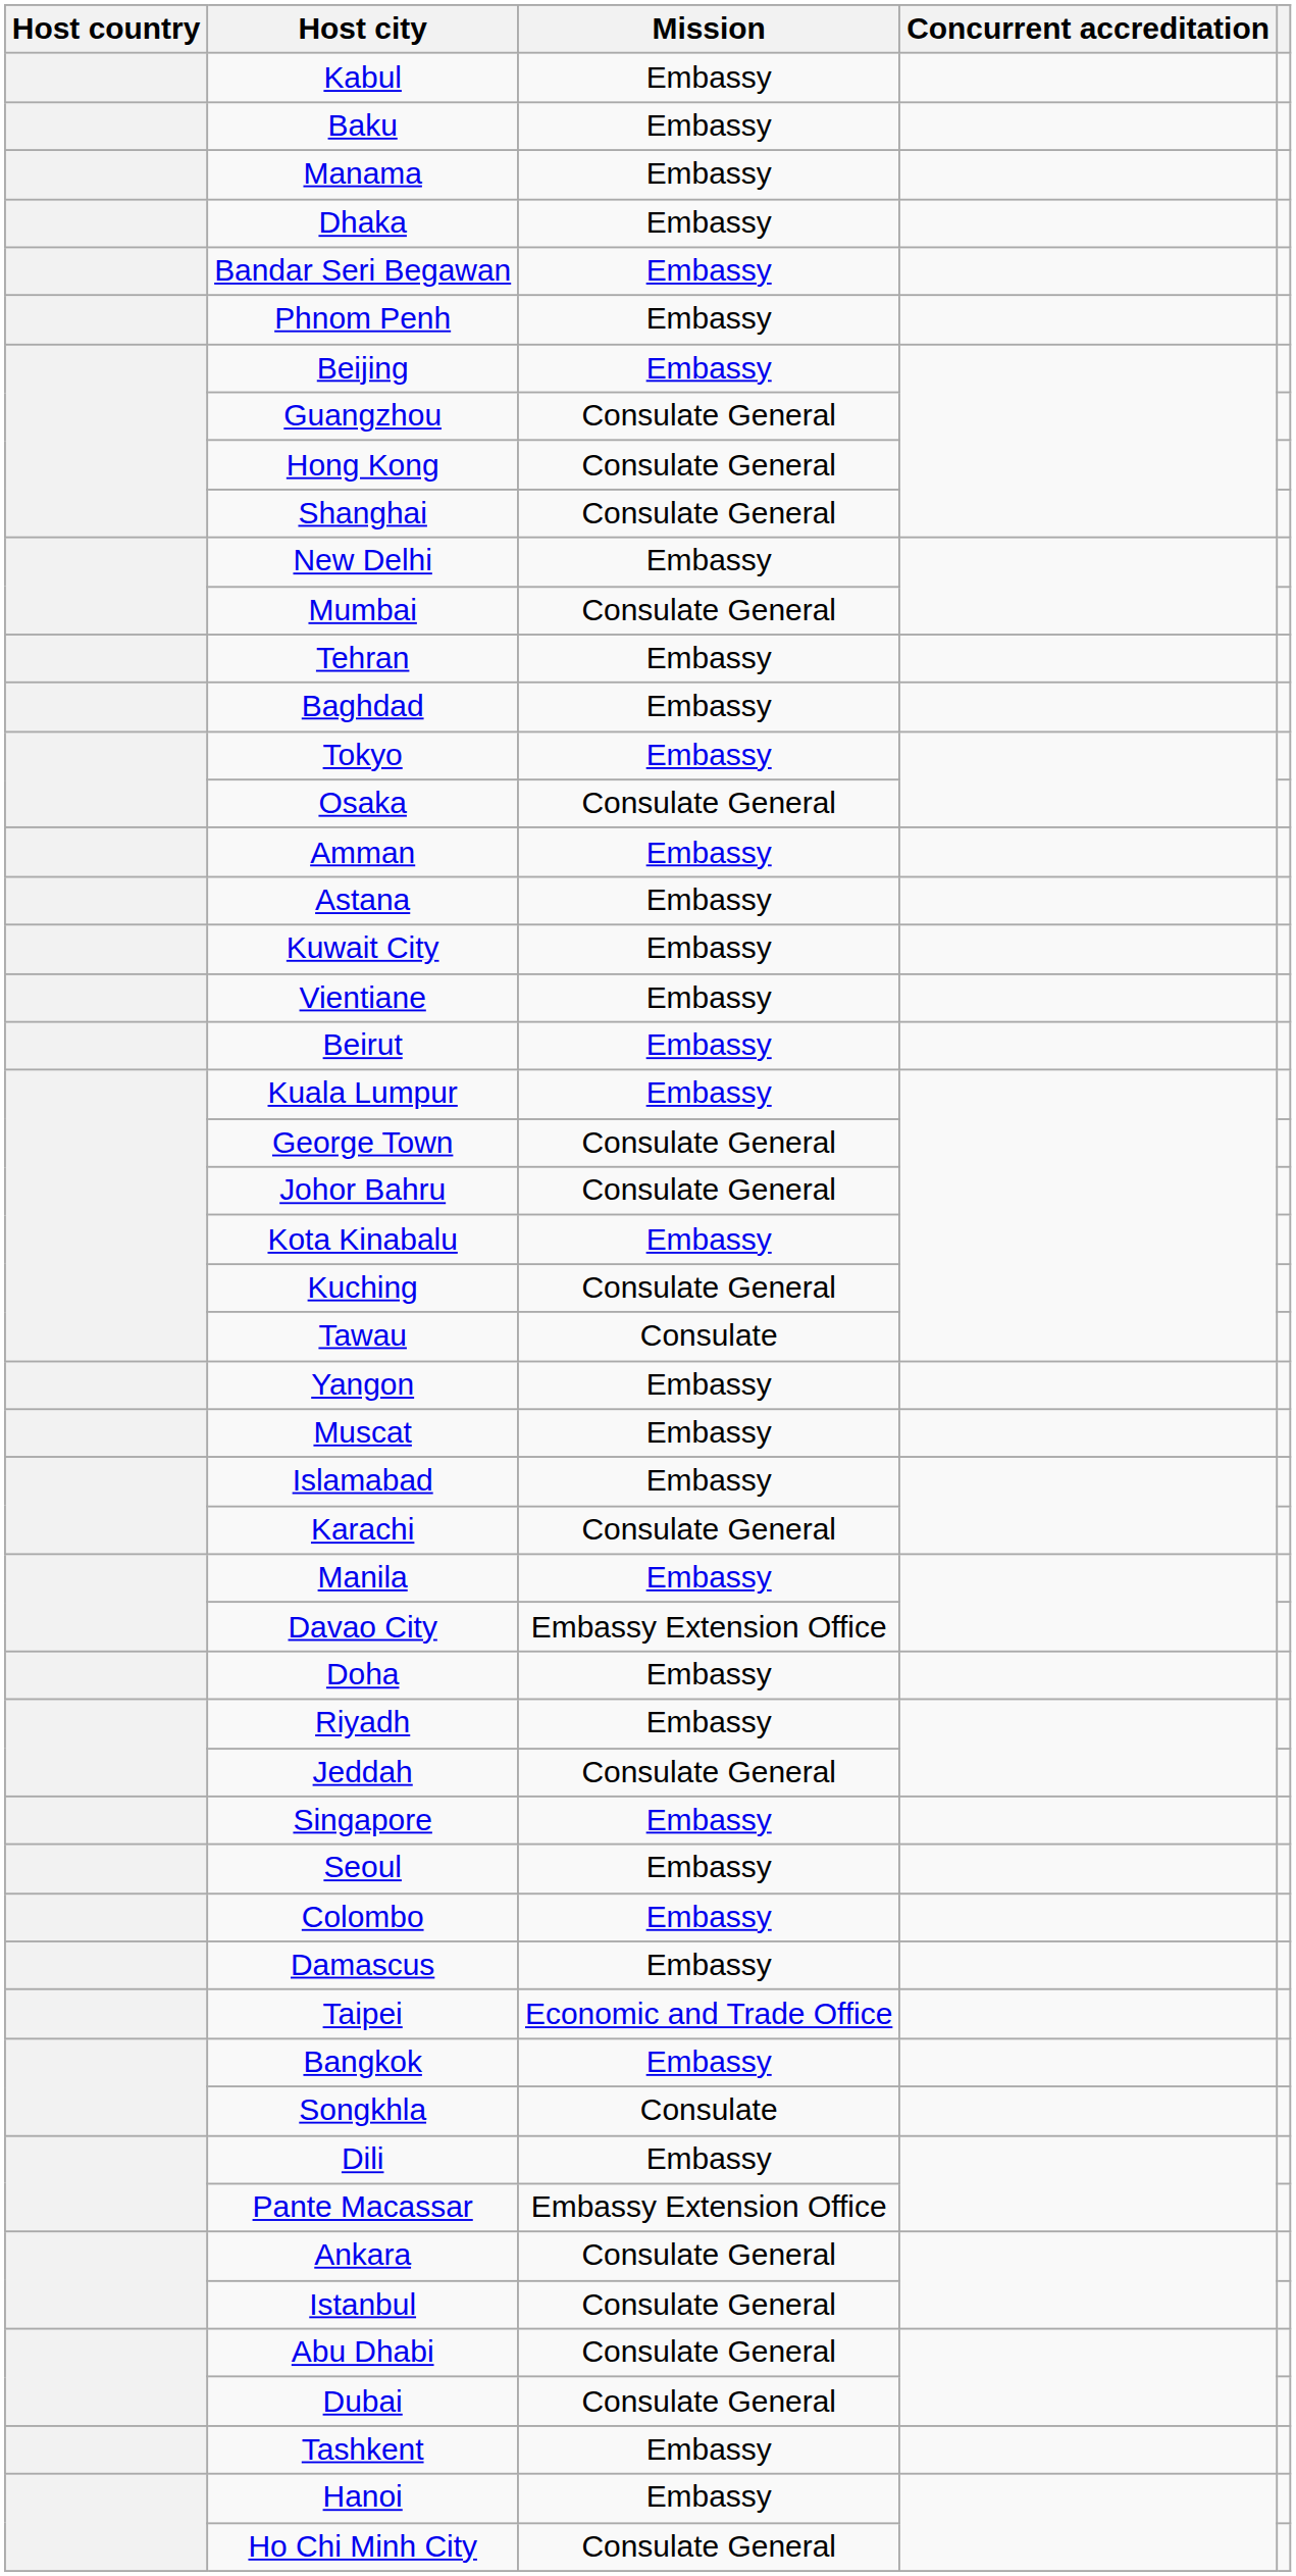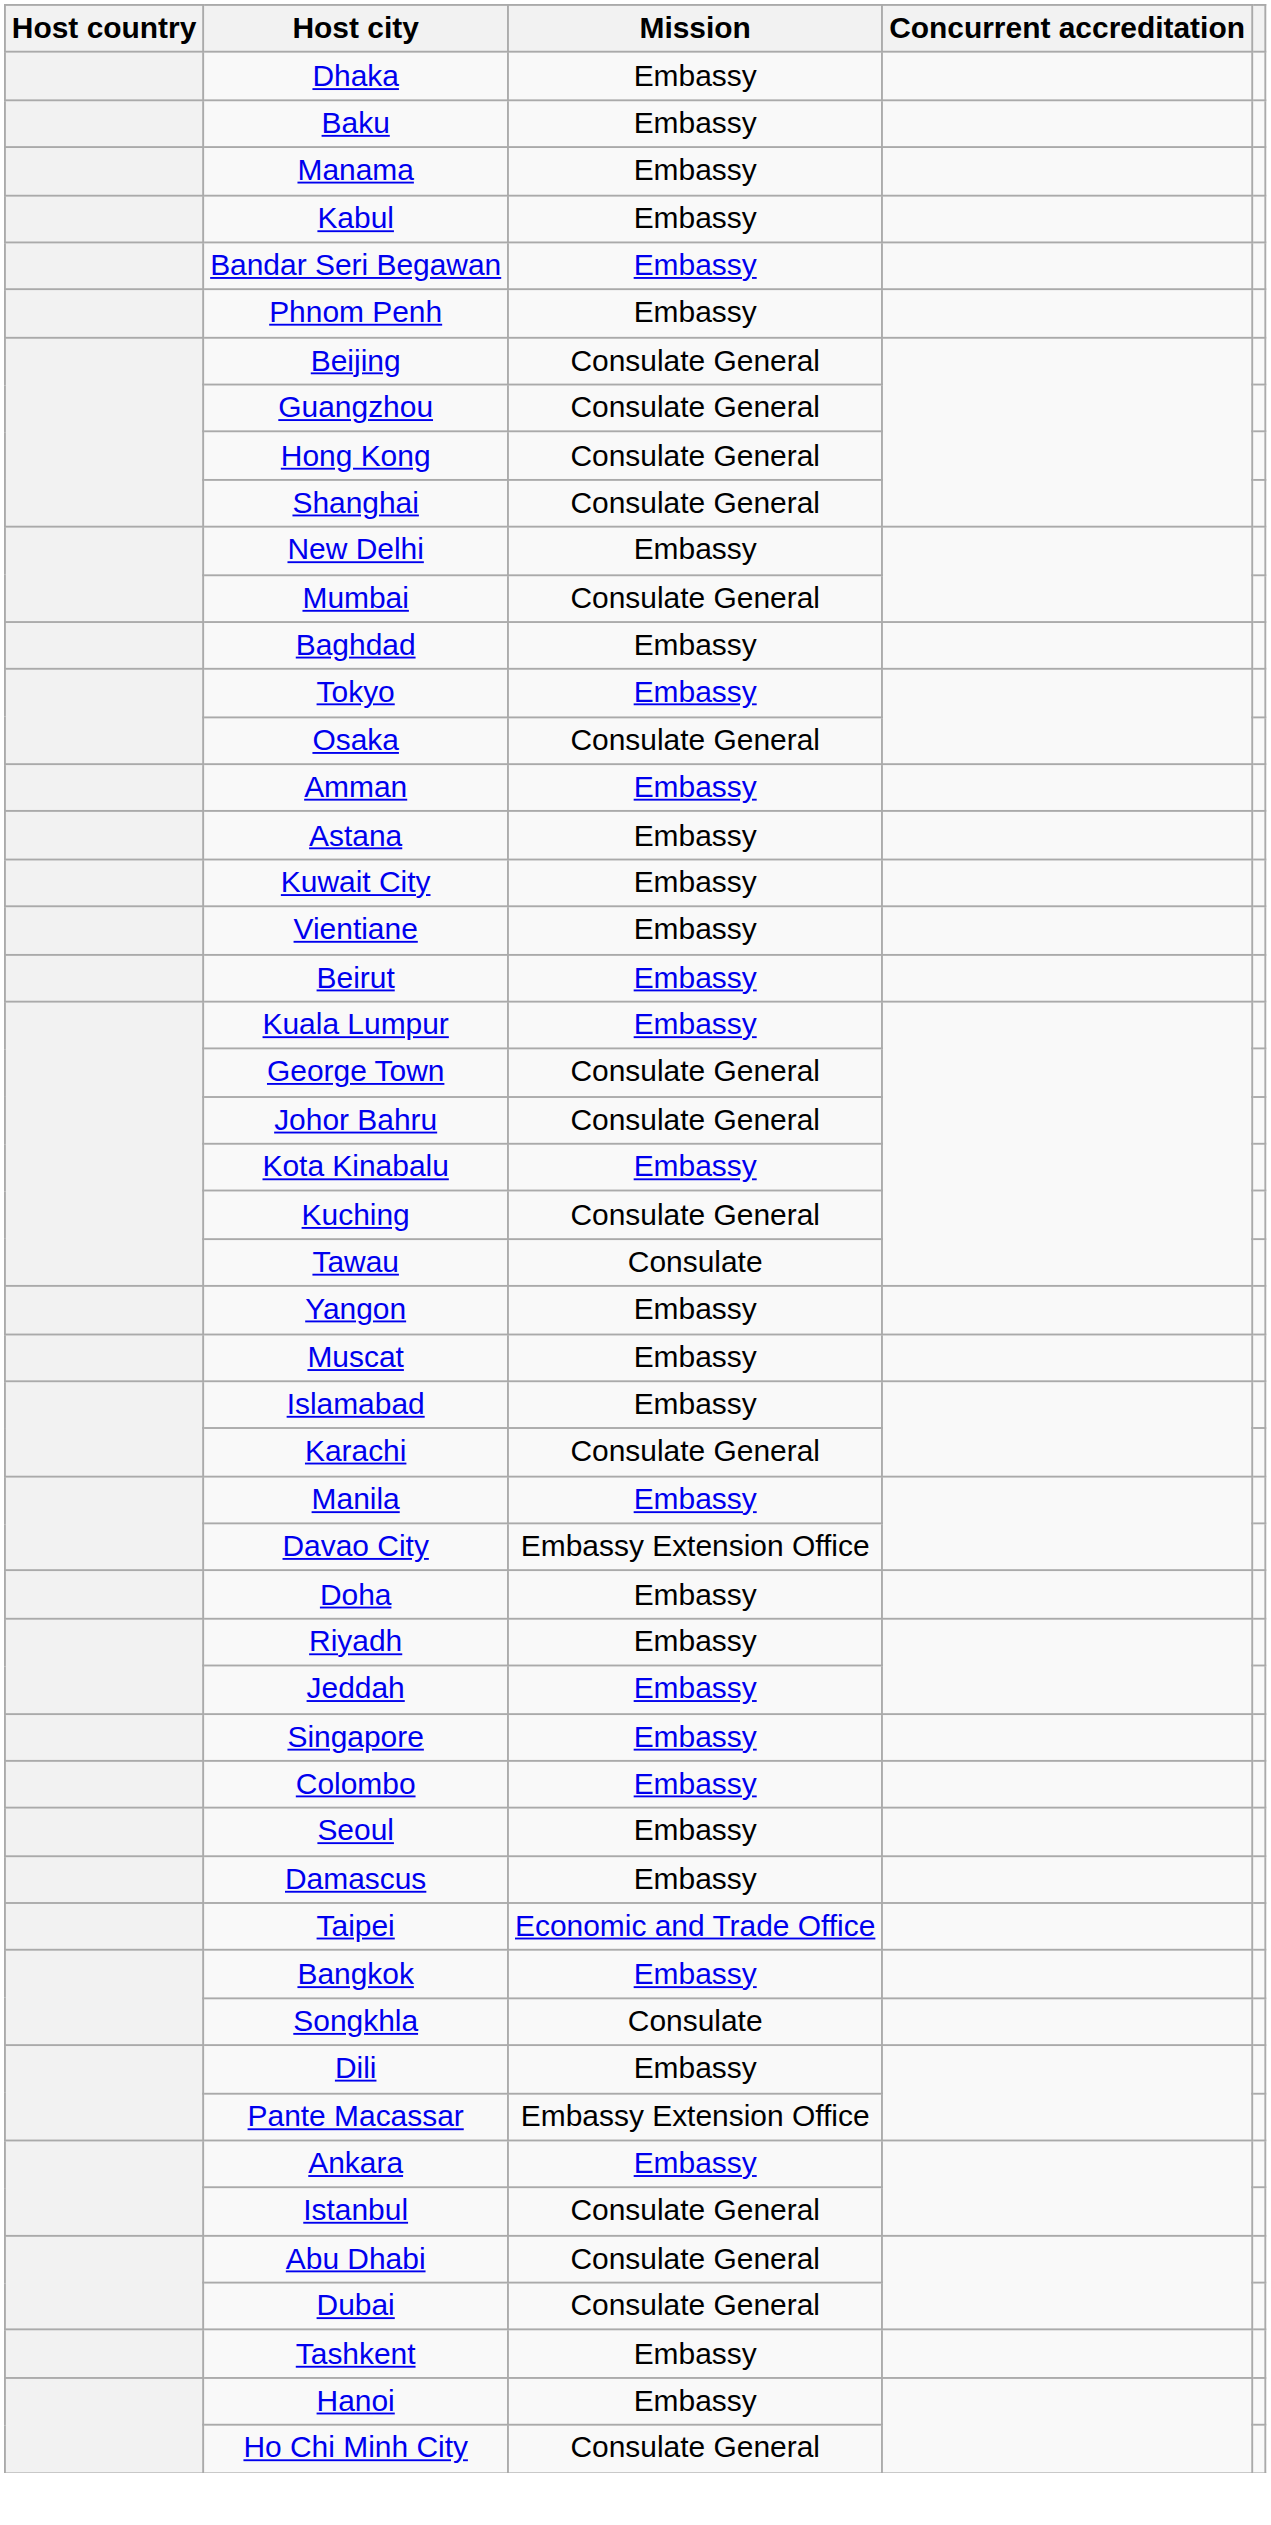 <table class="wikitable plainrowheaders" style="text-align:center;">
 <tr>
 <th scope="col">Host country</th>
 <th scope="col">Host city</th>
 <th scope="col">Mission</th>
 <th scope="col">Concurrent accreditation</th>
 <th scope="col"></th>
 </tr>
 <tr>
 <th scope="row"></th>
-<td><a href='#'>Kabul</a></td>
+<td><a href='#'>Dhaka</a></td>
 <td>Embassy</td>
 <td></td>
 <td></td>
 </tr>
 <tr>
 <th scope="row"></th>
 <td><a href='#'>Baku</a></td>
 <td>Embassy</td>
 <td></td>
 <td></td>
 </tr>
 <tr>
 <th scope="row"></th>
 <td><a href='#'>Manama</a></td>
 <td>Embassy</td>
 <td></td>
 <td></td>
 </tr>
 <tr>
 <th scope="row"></th>
-<td><a href='#'>Dhaka</a></td>
+<td><a href='#'>Kabul</a></td>
 <td>Embassy</td>
 <td></td>
 <td></td>
 </tr>
 <tr>
 <th scope="row"></th>
 <td><a href='#'>Bandar Seri Begawan</a></td>
 <td><a href='#'>Embassy</a></td>
 <td></td>
 <td></td>
 </tr>
 <tr>
 <th scope="row"></th>
 <td><a href='#'>Phnom Penh</a></td>
 <td>Embassy</td>
 <td></td>
 <td></td>
 </tr>
 <tr>
 <th scope="row" rowspan="4"></th>
 <td><a href='#'>Beijing</a></td>
-<td><a href='#'>Embassy</a></td>
+<td>Consulate General</td>
 <td rowspan="4"></td>
 <td></td>
 </tr>
 <tr>
 <td><a href='#'>Guangzhou</a></td>
 <td>Consulate General</td>
 <td></td>
 </tr>
 <tr>
 <td><a href='#'>Hong Kong</a></td>
 <td>Consulate General</td>
 <td></td>
 </tr>
 <tr>
 <td><a href='#'>Shanghai</a></td>
 <td>Consulate General</td>
 <td></td>
 </tr>
 <tr>
 <th scope="row" rowspan="2"></th>
 <td><a href='#'>New Delhi</a></td>
 <td>Embassy</td>
 <td rowspan="2"></td>
 <td></td>
 </tr>
 <tr>
 <td><a href='#'>Mumbai</a></td>
 <td>Consulate General</td>
-<td></td>
-</tr>
-<tr>
-<th scope="row"></th>
-<td><a href='#'>Tehran</a></td>
-<td>Embassy</td>
-<td></td>
 <td></td>
 </tr>
 <tr>
 <th scope="row"></th>
 <td><a href='#'>Baghdad</a></td>
 <td>Embassy</td>
 <td></td>
 <td></td>
 </tr>
 <tr>
 <th scope="row" rowspan="2"></th>
 <td><a href='#'>Tokyo</a></td>
 <td><a href='#'>Embassy</a></td>
 <td rowspan="2"></td>
 <td></td>
 </tr>
 <tr>
 <td><a href='#'>Osaka</a></td>
 <td>Consulate General</td>
 <td></td>
 </tr>
 <tr>
 <th scope="row"></th>
 <td><a href='#'>Amman</a></td>
 <td><a href='#'>Embassy</a></td>
 <td></td>
 <td></td>
 </tr>
 <tr>
 <th scope="row"></th>
 <td><a href='#'>Astana</a></td>
 <td>Embassy</td>
 <td></td>
 <td></td>
 </tr>
 <tr>
 <th scope="row"></th>
 <td><a href='#'>Kuwait City</a></td>
 <td>Embassy</td>
 <td></td>
 <td></td>
 </tr>
 <tr>
 <th scope="row"></th>
 <td><a href='#'>Vientiane</a></td>
 <td>Embassy</td>
 <td></td>
 <td></td>
 </tr>
 <tr>
 <th scope="row"></th>
 <td><a href='#'>Beirut</a></td>
 <td><a href='#'>Embassy</a></td>
 <td></td>
 <td></td>
 </tr>
 <tr>
 <th scope="row" rowspan="6"></th>
 <td><a href='#'>Kuala Lumpur</a></td>
 <td><a href='#'>Embassy</a></td>
 <td rowspan="6"></td>
 <td></td>
 </tr>
 <tr>
 <td><a href='#'>George Town</a></td>
 <td>Consulate General</td>
 <td></td>
 </tr>
 <tr>
 <td><a href='#'>Johor Bahru</a></td>
 <td>Consulate General</td>
 <td></td>
 </tr>
 <tr>
 <td><a href='#'>Kota Kinabalu</a></td>
 <td><a href='#'>Embassy</a></td>
 <td></td>
 </tr>
 <tr>
 <td><a href='#'>Kuching</a></td>
 <td>Consulate General</td>
 <td></td>
 </tr>
 <tr>
 <td><a href='#'>Tawau</a></td>
 <td>Consulate</td>
 <td></td>
 </tr>
 <tr>
 <th scope="row"></th>
 <td><a href='#'>Yangon</a></td>
 <td>Embassy</td>
 <td></td>
 <td></td>
 </tr>
 <tr>
 <th scope="row"></th>
 <td><a href='#'>Muscat</a></td>
 <td>Embassy</td>
 <td></td>
 <td></td>
 </tr>
 <tr>
 <th scope="row"  rowspan="2"></th>
 <td><a href='#'>Islamabad</a></td>
 <td>Embassy</td>
 <td rowspan="2"></td>
 <td></td>
 </tr>
 <tr>
 <td><a href='#'>Karachi</a></td>
 <td>Consulate General</td>
 <td></td>
 </tr>
 <tr>
 <th scope="row"  rowspan="2"></th>
 <td><a href='#'>Manila</a></td>
 <td><a href='#'>Embassy</a></td>
 <td rowspan="2"></td>
 <td></td>
 </tr>
 <tr>
 <td><a href='#'>Davao City</a></td>
 <td>Embassy Extension Office</td>
 <td></td>
 </tr>
 <tr>
 <th scope="row"></th>
 <td><a href='#'>Doha</a></td>
 <td>Embassy</td>
 <td></td>
 <td></td>
 </tr>
 <tr>
 <th scope="row"  rowspan="2"></th>
 <td><a href='#'>Riyadh</a></td>
 <td>Embassy</td>
 <td rowspan="2"></td>
 <td></td>
 </tr>
 <tr>
 <td><a href='#'>Jeddah</a></td>
-<td>Consulate General</td>
+<td><a href='#'>Embassy</a></td>
 <td></td>
 </tr>
 <tr>
 <th scope="row"></th>
 <td><a href='#'>Singapore</a></td>
 <td><a href='#'>Embassy</a></td>
 <td></td>
 <td></td>
 </tr>
 <tr>
 <th scope="row"></th>
-<td><a href='#'>Seoul</a></td>
-<td>Embassy</td>
+<td><a href='#'>Colombo</a></td>
+<td><a href='#'>Embassy</a></td>
 <td></td>
 <td></td>
 </tr>
 <tr>
 <th scope="row"></th>
-<td><a href='#'>Colombo</a></td>
-<td><a href='#'>Embassy</a></td>
+<td><a href='#'>Seoul</a></td>
+<td>Embassy</td>
 <td></td>
 <td></td>
 </tr>
 <tr>
 <th scope="row"></th>
 <td><a href='#'>Damascus</a></td>
 <td>Embassy</td>
 <td></td>
 <td></td>
 </tr>
 <tr>
 <th scope="row"></th>
 <td><a href='#'>Taipei</a></td>
 <td><a href='#'>Economic and Trade Office</a></td>
 <td></td>
 <td></td>
 </tr>
 <tr>
 <th scope="row"  rowspan="2"></th>
 <td><a href='#'>Bangkok</a></td>
 <td><a href='#'>Embassy</a></td>
 <td></td>
 <td></td>
 </tr>
 <tr>
 <td><a href='#'>Songkhla</a></td>
 <td>Consulate</td>
 <td></td>
 <td></td>
 </tr>
 <tr>
 <th scope="row" rowspan="2"></th>
 <td><a href='#'>Dili</a></td>
 <td>Embassy</td>
 <td rowspan="2"></td>
 <td></td>
 </tr>
 <tr>
 <td><a href='#'>Pante Macassar</a></td>
 <td>Embassy Extension Office</td>
 <td></td>
 </tr>
 <tr>
 <th scope="row"  rowspan="2"></th>
 <td><a href='#'>Ankara</a></td>
-<td>Consulate General</td>
+<td><a href='#'>Embassy</a></td>
 <td rowspan="2"></td>
 <td></td>
 </tr>
 <tr>
 <td><a href='#'>Istanbul</a></td>
 <td>Consulate General</td>
 <td></td>
 </tr>
 <tr>
 <th scope="row"  rowspan="2"></th>
 <td><a href='#'>Abu Dhabi</a></td>
 <td>Consulate General</td>
 <td rowspan="2"></td>
 <td></td>
 </tr>
 <tr>
 <td><a href='#'>Dubai</a></td>
 <td>Consulate General</td>
 <td></td>
 </tr>
 <tr>
 <th scope="row"></th>
 <td><a href='#'>Tashkent</a></td>
 <td>Embassy</td>
 <td></td>
 <td></td>
 </tr>
 <tr>
 <th scope="row"  rowspan="2"></th>
 <td><a href='#'>Hanoi</a></td>
 <td>Embassy</td>
 <td rowspan="2"></td>
 <td></td>
 </tr>
 <tr>
 <td><a href='#'>Ho Chi Minh City</a></td>
 <td>Consulate General</td>
 <td></td>
 </tr>
 </table>
